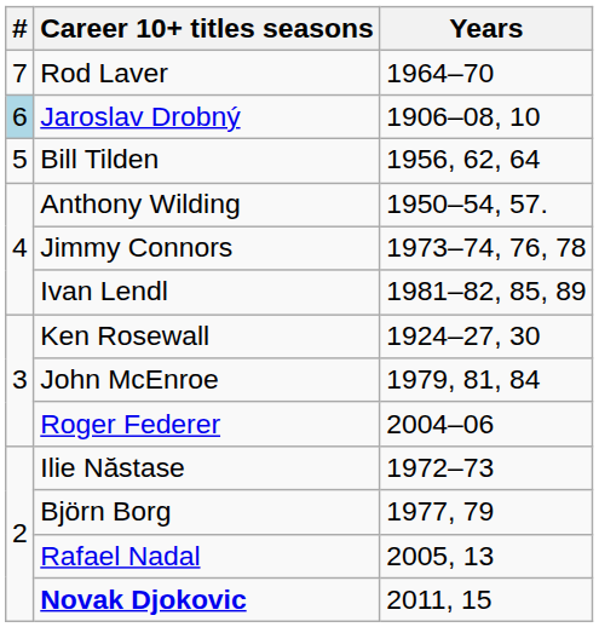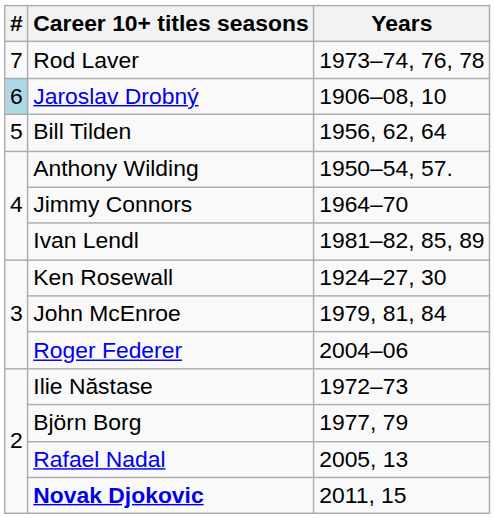 <table class=wikitable style="display:inline-table;">
 <tr>
 <th>#</th>
 <th>Career 10+ titles seasons</th>
 <th>Years</th>
 </tr>
 <tr>
 <td>7</td>
 <td> Rod Laver</td>
-<td>1964–70</td>
+<td>1973–74, 76, 78</td>
 </tr>
 <tr>
 <td style="background: lightblue;">6</td>
 <td>   <a href='#'>Jaroslav Drobný</a></td>
 <td>1906–08, 10</td>
 </tr>
 <tr>
 <td>5</td>
 <td> Bill Tilden</td>
 <td>1956, 62, 64</td>
 </tr>
 <tr>
 <td rowspan=3>4</td>
 <td> Anthony Wilding</td>
 <td>1950–54, 57.</td>
 </tr>
 <tr>
 <td> Jimmy Connors</td>
-<td>1973–74, 76, 78</td>
+<td>1964–70</td>
 </tr>
 <tr>
 <td> Ivan Lendl</td>
 <td>1981–82, 85, 89</td>
 </tr>
 <tr>
 <td rowspan=3>3</td>
 <td> Ken Rosewall</td>
 <td>1924–27, 30</td>
 </tr>
 <tr>
 <td> John McEnroe</td>
 <td>1979, 81, 84</td>
 </tr>
 <tr>
 <td> <a href='#'>Roger Federer</a></td>
 <td>2004–06</td>
 </tr>
 <tr>
 <td rowspan=4>2</td>
 <td> Ilie Năstase</td>
 <td>1972–73</td>
 </tr>
 <tr>
 <td> Björn Borg</td>
 <td>1977, 79</td>
 </tr>
 <tr>
 <td> <a href='#'>Rafael Nadal</a></td>
 <td>2005, 13</td>
 </tr>
 <tr>
 <td> <strong><a href='#'>Novak Djokovic</a></strong></td>
 <td>2011, 15</td>
 </tr>
 </table>
